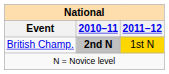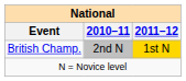 <table class="wikitable" style="text-align:center">
 <tr>
 <th style="background-color: #ffdead; " colspan=3 align=center>National</th>
 </tr>
 <tr>
 <th>Event</th>
 <th><a href='#'>2010–11</a></th>
 <th><a href='#'>2011–12</a></th>
 </tr>
 <tr>
 <td align="left"><a href='#'>British Champ.</a></td>
-<td bgcolor=silver><strong>2nd N</strong></td>
+<td bgcolor=silver>2nd N</td>
 <td bgcolor=gold>1st N</td>
 </tr>
 <tr>
 <td colspan=3 align=center><small> N = Novice level </small></td>
 </tr>
 </table>
